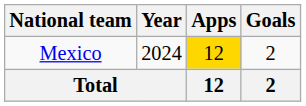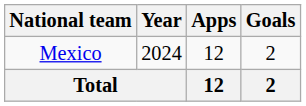 <table class="wikitable" style="text-align: center;">
 <tr>
 <th>National team</th>
 <th>Year</th>
 <th>Apps</th>
 <th>Goals</th>
 </tr>
 <tr>
 <td><a href='#'>Mexico</a></td>
 <td>2024</td>
-<td style="background: gold;">12</td>
+<td>12</td>
 <td>2</td>
 </tr>
 <tr>
 <th colspan="2"><strong>Total</strong></th>
 <th>12</th>
 <th>2</th>
 </tr>
 </table>
